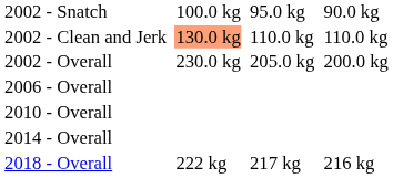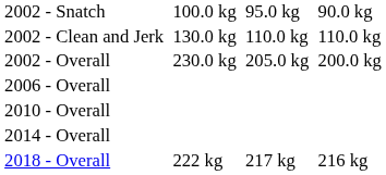 <table>
 <tr>
 <td>2002 - Snatch</td>
 <td></td>
 <td>100.0 kg</td>
 <td></td>
 <td>95.0 kg</td>
 <td></td>
 <td>90.0 kg</td>
 </tr>
 <tr>
 <td>2002 - Clean and Jerk</td>
 <td></td>
-<td style="background: lightsalmon;">130.0 kg</td>
+<td>130.0 kg</td>
 <td></td>
 <td>110.0 kg</td>
 <td></td>
 <td>110.0 kg</td>
 </tr>
 <tr>
 <td>2002 - Overall</td>
 <td></td>
 <td>230.0 kg</td>
 <td></td>
 <td>205.0 kg</td>
 <td></td>
 <td>200.0 kg</td>
 </tr>
 <tr>
 <td>2006 - Overall<br></td>
 <td></td>
 <td></td>
 <td></td>
 <td></td>
 <td></td>
 <td></td>
 </tr>
 <tr>
 <td>2010 - Overall<br></td>
 <td></td>
 <td></td>
 <td></td>
 <td></td>
 <td></td>
 <td></td>
 </tr>
 <tr>
 <td>2014 - Overall<br></td>
 <td></td>
 <td></td>
 <td></td>
 <td></td>
 <td></td>
 <td></td>
 </tr>
 <tr>
 <td><a href='#'>2018 - Overall</a></td>
 <td></td>
 <td>222 kg</td>
 <td></td>
 <td>217 kg</td>
 <td></td>
 <td>216 kg</td>
 </tr>
 </table>
